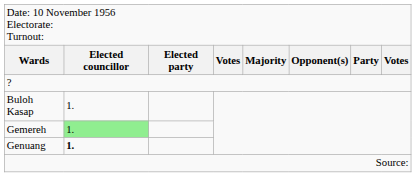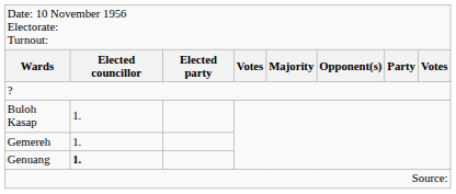 <table class=wikitable>
 <tr>
 <td colspan=8>Date: 10 November 1956<br>Electorate: <br>Turnout:</td>
 </tr>
 <tr>
 <th>Wards</th>
 <th>Elected councillor</th>
 <th>Elected party</th>
 <th>Votes</th>
 <th>Majority</th>
 <th>Opponent(s)</th>
 <th>Party</th>
 <th>Votes</th>
 </tr>
 <tr>
 <td colspan=8>? </td>
 </tr>
 <tr>
 <td>Buloh Kasap</td>
 <td>1.</td>
 <td></td>
 </tr>
 <tr>
 <td>Gemereh</td>
-<td style="background: lightgreen;">1.</td>
+<td>1.</td>
 <td></td>
 </tr>
 <tr>
 <td>Genuang</td>
 <td><strong>1.</strong></td>
 <td></td>
 </tr>
 <tr>
 <td colspan=8 align=right>Source: </td>
 </tr>
 </table>
